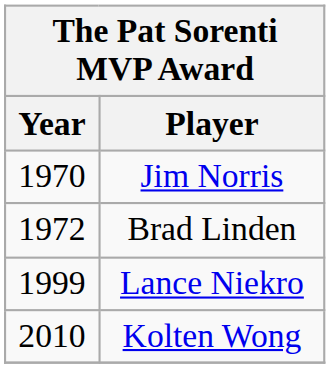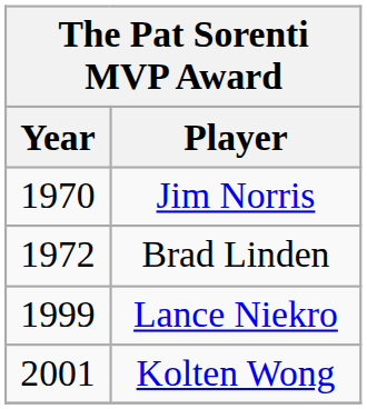 <table class="wikitable" style="display: inline-table; margin-right: 20px; text-align:center">
 <tr>
 <th scope="col" colspan="2" style="width: 145px;">The Pat Sorenti MVP Award</th>
 </tr>
 <tr>
 <th scope="col">Year</th>
 <th scope="col">Player</th>
 </tr>
 <tr>
 <td>1970</td>
 <td><a href='#'>Jim Norris</a></td>
 </tr>
 <tr>
 <td>1972</td>
 <td>Brad Linden</td>
 </tr>
 <tr>
 <td>1999</td>
 <td><a href='#'>Lance Niekro</a></td>
 </tr>
 <tr>
-<td>2010</td>
+<td>2001</td>
 <td><a href='#'>Kolten Wong</a></td>
 </tr>
 <tr>
 </tr>
 </table>
